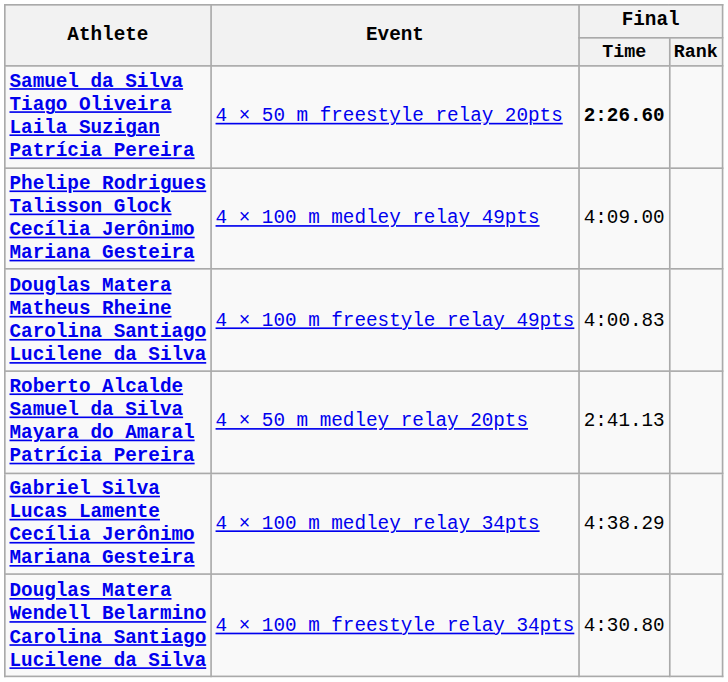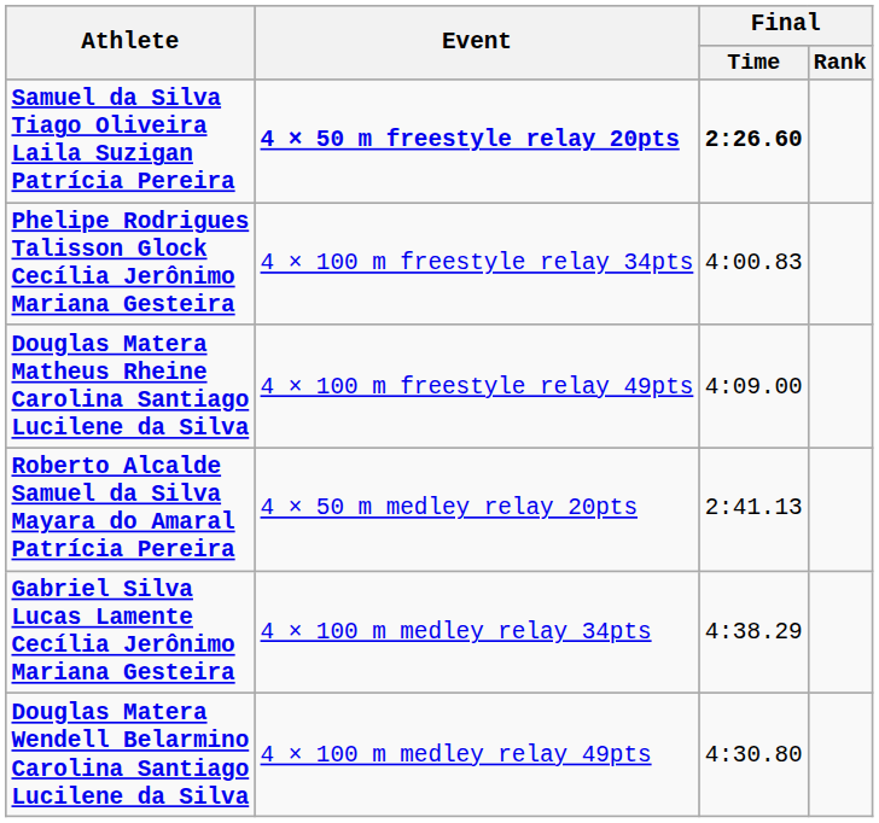 <table class=wikitable style=font-size:90%;text-align:center>
 <tr>
 <th rowspan=2>Athlete</th>
 <th rowspan=2>Event</th>
 <th colspan=2>Final</th>
 </tr>
 <tr style=font-size:95%>
 <th>Time</th>
 <th>Rank</th>
 </tr>
 <tr align=center>
 <td align=left><strong><a href='#'>Samuel da Silva</a><br><a href='#'>Tiago Oliveira</a><br><a href='#'>Laila Suzigan</a><br><a href='#'>Patrícia Pereira</a></strong></td>
-<td align=left><a href='#'>4 × 50 m freestyle relay 20pts</a></td>
+<td align=left><strong><a href='#'>4 × 50 m freestyle relay 20pts</a></strong></td>
 <td><strong>2:26.60</strong></td>
 <td></td>
 </tr>
 <tr align=center>
 <td align=left><strong><a href='#'>Phelipe Rodrigues</a><br><a href='#'>Talisson Glock</a><br><a href='#'>Cecília Jerônimo</a><br><a href='#'>Mariana Gesteira</a></strong></td>
-<td align=left><a href='#'>4 × 100 m medley relay 49pts</a></td>
-<td>4:09.00</td>
+<td align=left><a href='#'>4 × 100 m freestyle relay 34pts</a></td>
+<td>4:00.83</td>
 <td></td>
 </tr>
 <tr align=center>
 <td align=left><strong><a href='#'>Douglas Matera</a><br><a href='#'>Matheus Rheine</a><br><a href='#'>Carolina Santiago</a><br><a href='#'>Lucilene da Silva</a></strong></td>
 <td align=left><a href='#'>4 × 100 m freestyle relay 49pts</a></td>
-<td>4:00.83</td>
+<td>4:09.00</td>
 <td></td>
 </tr>
 <tr align=center>
 <td align=left><strong><a href='#'>Roberto Alcalde</a><br><a href='#'>Samuel da Silva</a><br><a href='#'>Mayara do Amaral</a><br><a href='#'>Patrícia Pereira</a></strong></td>
 <td align=left><a href='#'>4 × 50 m medley relay 20pts</a></td>
 <td>2:41.13</td>
 <td></td>
 </tr>
 <tr align=center>
 <td align=left><strong><a href='#'>Gabriel Silva</a><br><a href='#'>Lucas Lamente</a><br><a href='#'>Cecília Jerônimo</a><br><a href='#'>Mariana Gesteira</a></strong></td>
 <td align=left><a href='#'>4 × 100 m medley relay 34pts</a></td>
 <td>4:38.29</td>
 <td></td>
 </tr>
 <tr align=center>
 <td align=left><strong><a href='#'>Douglas Matera</a><br><a href='#'>Wendell Belarmino</a><br><a href='#'>Carolina Santiago</a><br><a href='#'>Lucilene da Silva</a></strong></td>
-<td align=left><a href='#'>4 × 100 m freestyle relay 34pts</a></td>
+<td align=left><a href='#'>4 × 100 m medley relay 49pts</a></td>
 <td>4:30.80</td>
 <td></td>
 </tr>
 </table>
